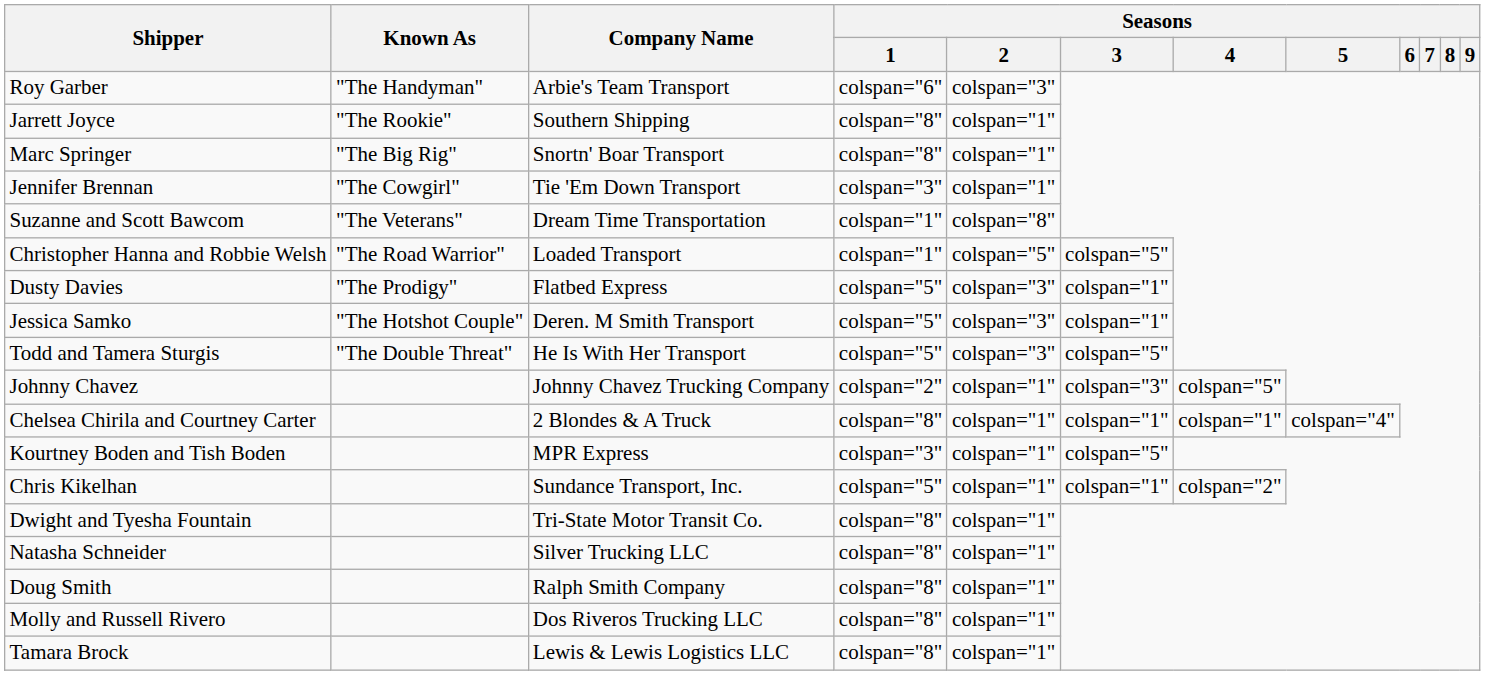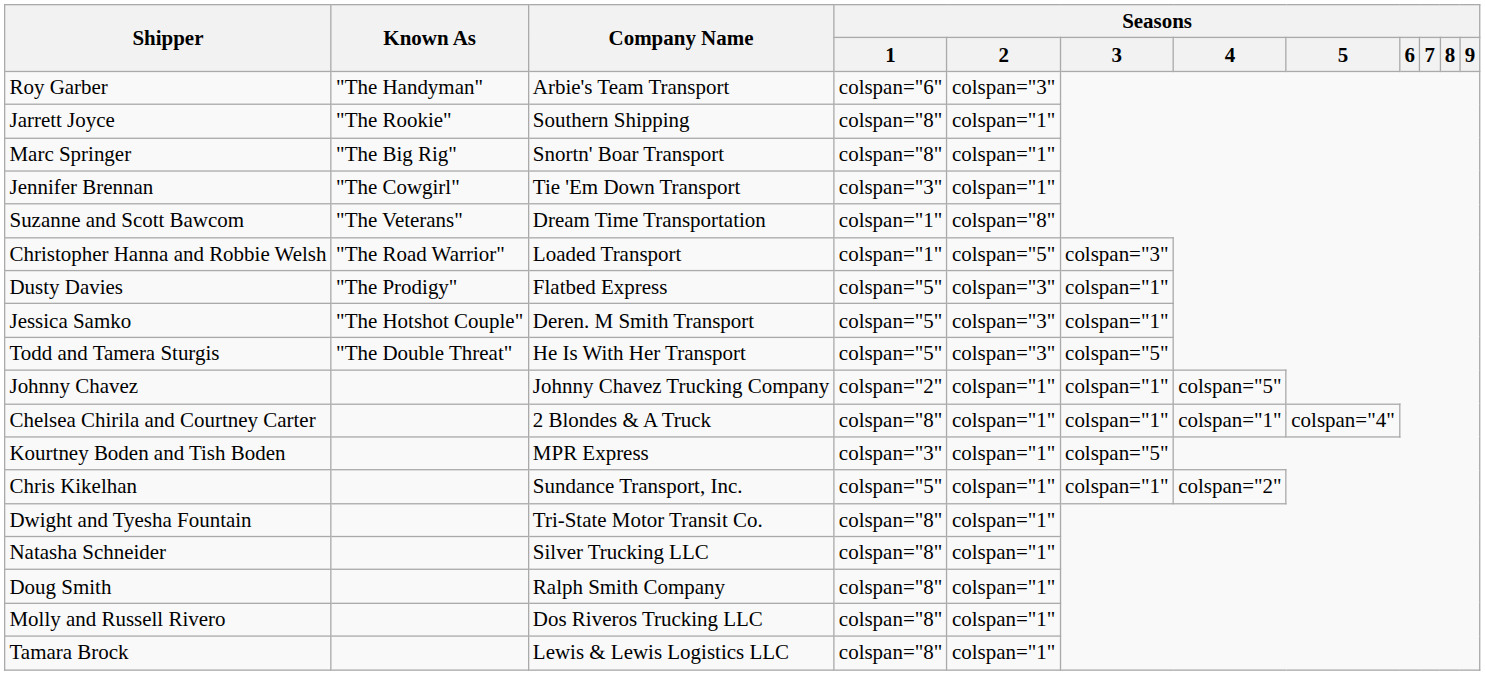 <table class="wikitable plainrowheaders">
 <tr>
 <th rowspan=2>Shipper</th>
 <th rowspan=2>Known As</th>
 <th rowspan=2>Company Name</th>
 <th colspan=9>Seasons</th>
 </tr>
 <tr>
 <th>1</th>
 <th>2</th>
 <th>3</th>
 <th>4</th>
 <th>5</th>
 <th>6</th>
 <th>7</th>
 <th>8</th>
 <th>9</th>
 </tr>
 <tr>
 <td>Roy Garber</td>
 <td>"The Handyman"</td>
 <td>Arbie's Team Transport</td>
 <td>colspan="6" </td>
 <td>colspan="3" </td>
 </tr>
 <tr>
 <td>Jarrett Joyce</td>
 <td>"The Rookie"</td>
 <td>Southern Shipping</td>
 <td>colspan="8" </td>
 <td>colspan="1" </td>
 </tr>
 <tr>
 <td>Marc Springer</td>
 <td>"The Big Rig"</td>
 <td>Snortn' Boar Transport</td>
 <td>colspan="8" </td>
 <td>colspan="1" </td>
 </tr>
 <tr>
 <td>Jennifer Brennan</td>
 <td>"The Cowgirl"</td>
 <td>Tie 'Em Down Transport</td>
 <td>colspan="3" </td>
 <td>colspan="1" </td>
 </tr>
 <tr>
 <td>Suzanne and Scott Bawcom</td>
 <td>"The Veterans"</td>
 <td>Dream Time Transportation</td>
 <td>colspan="1" </td>
 <td>colspan="8" </td>
 </tr>
 <tr>
 <td>Christopher Hanna and Robbie Welsh</td>
 <td>"The Road Warrior"</td>
 <td>Loaded Transport</td>
 <td>colspan="1" </td>
 <td>colspan="5" </td>
-<td>colspan="5" </td>
+<td>colspan="3" </td>
 </tr>
 <tr>
 <td>Dusty Davies</td>
 <td>"The Prodigy"</td>
 <td>Flatbed Express</td>
 <td>colspan="5" </td>
 <td>colspan="3" </td>
 <td>colspan="1" </td>
 </tr>
 <tr>
 <td>Jessica Samko</td>
 <td>"The Hotshot Couple"</td>
 <td>Deren. M Smith Transport</td>
 <td>colspan="5" </td>
 <td>colspan="3" </td>
 <td>colspan="1" </td>
 </tr>
 <tr>
 <td>Todd and Tamera Sturgis</td>
 <td>"The Double Threat"</td>
 <td>He Is With Her Transport</td>
 <td>colspan="5" </td>
 <td>colspan="3" </td>
 <td>colspan="5" </td>
 </tr>
 <tr>
 <td>Johnny Chavez</td>
 <td></td>
 <td>Johnny Chavez Trucking Company</td>
 <td>colspan="2" </td>
 <td>colspan="1" </td>
-<td>colspan="3" </td>
+<td>colspan="1" </td>
 <td>colspan="5" </td>
 </tr>
 <tr>
 <td>Chelsea Chirila and Courtney Carter</td>
 <td></td>
 <td>2 Blondes & A Truck</td>
 <td>colspan="8" </td>
 <td>colspan="1" </td>
 <td>colspan="1" </td>
 <td>colspan="1" </td>
 <td>colspan="4" </td>
 </tr>
 <tr>
 <td>Kourtney Boden and Tish Boden</td>
 <td></td>
 <td>MPR Express</td>
 <td>colspan="3" </td>
 <td>colspan="1" </td>
 <td>colspan="5" </td>
 </tr>
 <tr>
 <td>Chris Kikelhan</td>
 <td></td>
 <td>Sundance Transport, Inc.</td>
 <td>colspan="5" </td>
 <td>colspan="1" </td>
 <td>colspan="1" </td>
 <td>colspan="2" </td>
 </tr>
 <tr>
 <td>Dwight and Tyesha Fountain</td>
 <td></td>
 <td>Tri-State Motor Transit Co.</td>
 <td>colspan="8" </td>
 <td>colspan="1" </td>
 </tr>
 <tr>
 <td>Natasha Schneider</td>
 <td></td>
 <td>Silver Trucking LLC</td>
 <td>colspan="8" </td>
 <td>colspan="1" </td>
 </tr>
 <tr>
 <td>Doug Smith</td>
 <td></td>
 <td>Ralph Smith Company</td>
 <td>colspan="8" </td>
 <td>colspan="1" </td>
 </tr>
 <tr>
 <td>Molly and Russell Rivero</td>
 <td></td>
 <td>Dos Riveros Trucking LLC</td>
 <td>colspan="8" </td>
 <td>colspan="1" </td>
 </tr>
 <tr>
 <td>Tamara Brock</td>
 <td></td>
 <td>Lewis & Lewis Logistics LLC</td>
 <td>colspan="8" </td>
 <td>colspan="1" </td>
 </tr>
 </table>
